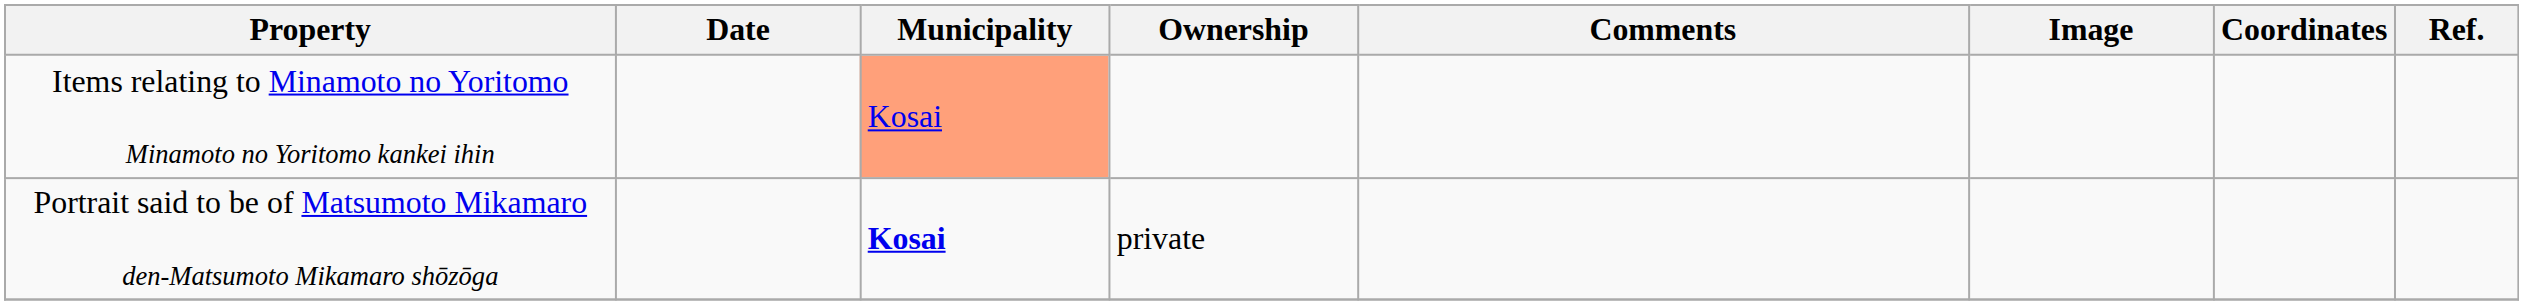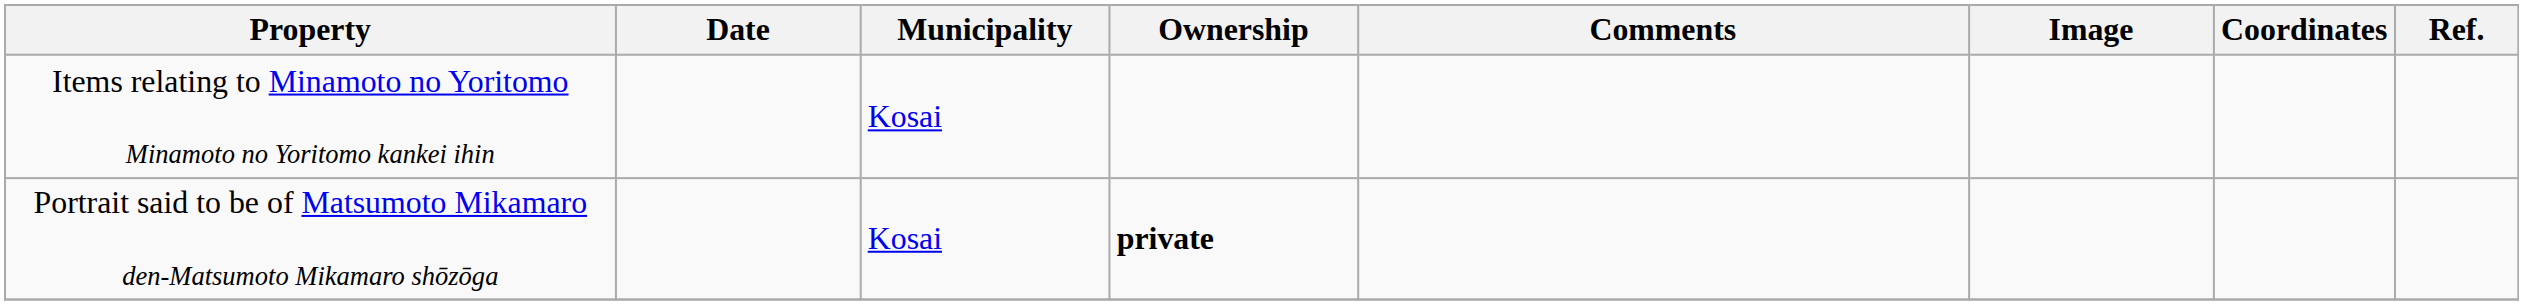 <table class="wikitable sortable"  style="width:100%;">
 <tr>
 <th width="25%" align="left">Property</th>
 <th width="10%" align="left" data-sort-type="number">Date</th>
 <th width="10%" align="left">Municipality</th>
 <th width="10%" align="left">Ownership</th>
 <th width="25%" align="left" class="unsortable">Comments</th>
 <th width="10%" align="left" class="unsortable">Image</th>
 <th width="5%" align="left" class="unsortable">Coordinates</th>
 <th width="5%" align="left" class="unsortable">Ref.</th>
 </tr>
 <tr>
 <td align="center">Items relating to <a href='#'>Minamoto no Yoritomo</a><br><br><small><em>Minamoto no Yoritomo kankei ihin</em></small></td>
 <td></td>
-<td style="background: lightsalmon;"><a href='#'>Kosai</a></td>
+<td><a href='#'>Kosai</a></td>
 <td></td>
 <td></td>
 <td></td>
 <td></td>
 <td></td>
 </tr>
 <tr>
 <td align="center">Portrait said to be of <a href='#'>Matsumoto Mikamaro</a><br><br><small><em>den-Matsumoto Mikamaro shōzōga</em></small></td>
 <td></td>
-<td><strong><a href='#'>Kosai</a></strong></td>
-<td>private</td>
+<td><a href='#'>Kosai</a></td>
+<td><strong>private</strong></td>
 <td></td>
 <td></td>
 <td></td>
 <td></td>
 </tr>
 <tr>
 </tr>
 </table>
